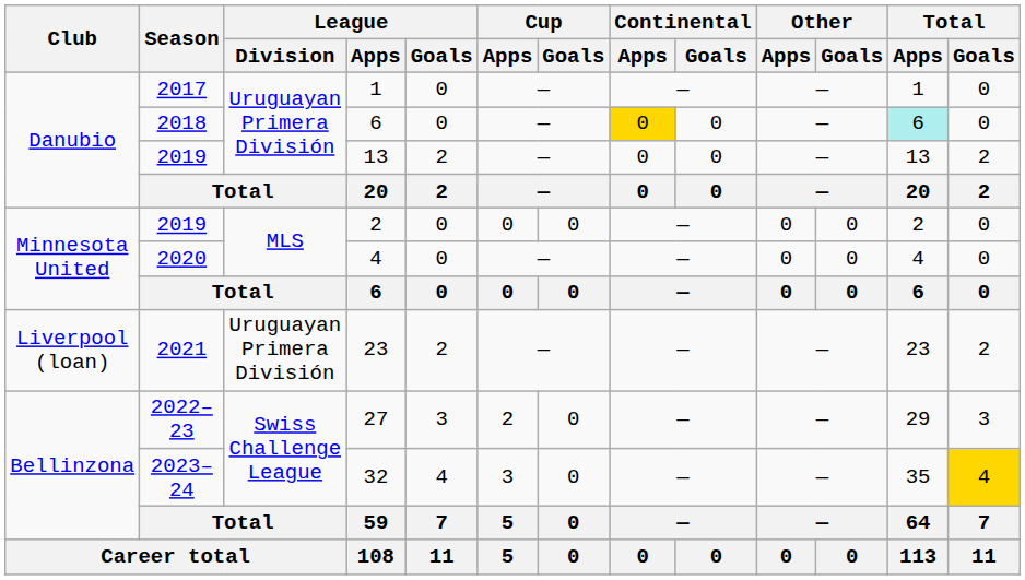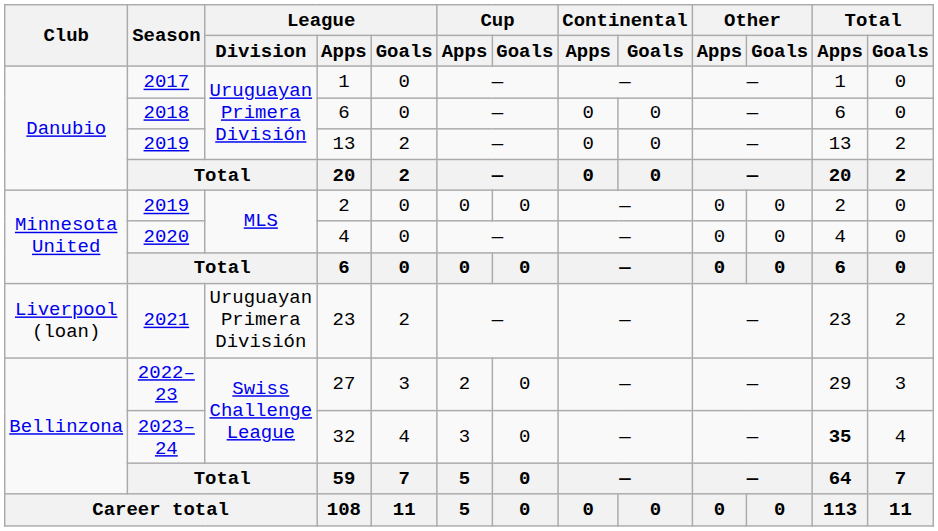 <table class="wikitable" Style="text-align: center">
 <tr>
 <th rowspan="2">Club</th>
 <th rowspan="2">Season</th>
 <th colspan="3">League</th>
 <th colspan="2">Cup</th>
 <th colspan="2">Continental</th>
 <th colspan="2">Other</th>
 <th colspan="2">Total</th>
 </tr>
 <tr>
 <th>Division</th>
 <th>Apps</th>
 <th>Goals</th>
 <th>Apps</th>
 <th>Goals</th>
 <th>Apps</th>
 <th>Goals</th>
 <th>Apps</th>
 <th>Goals</th>
 <th>Apps</th>
 <th>Goals</th>
 </tr>
 <tr>
 <td rowspan="4"><a href='#'>Danubio</a></td>
 <td><a href='#'>2017</a></td>
 <td rowspan="3"><a href='#'>Uruguayan Primera División</a></td>
 <td>1</td>
 <td>0</td>
 <td colspan="2">—</td>
 <td colspan="2">—</td>
 <td colspan="2">—</td>
 <td>1</td>
 <td>0</td>
 </tr>
 <tr>
 <td><a href='#'>2018</a></td>
 <td>6</td>
 <td>0</td>
 <td colspan="2">—</td>
-<td style="background: gold;">0</td>
+<td>0</td>
 <td>0</td>
 <td colspan="2">—</td>
-<td style="background: paleturquoise;">6</td>
+<td>6</td>
 <td>0</td>
 </tr>
 <tr>
 <td><a href='#'>2019</a></td>
 <td>13</td>
 <td>2</td>
 <td colspan="2">—</td>
 <td>0</td>
 <td>0</td>
 <td colspan="2">—</td>
 <td>13</td>
 <td>2</td>
 </tr>
 <tr>
 <th colspan="2">Total</th>
 <th>20</th>
 <th>2</th>
 <th colspan="2">—</th>
 <th>0</th>
 <th>0</th>
 <th colspan="2">—</th>
 <th>20</th>
 <th>2</th>
 </tr>
 <tr>
 <td rowspan="3"><a href='#'>Minnesota United</a></td>
 <td><a href='#'>2019</a></td>
 <td rowspan="2"><a href='#'>MLS</a></td>
 <td>2</td>
 <td>0</td>
 <td>0</td>
 <td>0</td>
 <td colspan="2">—</td>
 <td>0</td>
 <td>0</td>
 <td>2</td>
 <td>0</td>
 </tr>
 <tr>
 <td><a href='#'>2020</a></td>
 <td>4</td>
 <td>0</td>
 <td colspan="2">—</td>
 <td colspan="2">—</td>
 <td>0</td>
 <td>0</td>
 <td>4</td>
 <td>0</td>
 </tr>
 <tr>
 <th colspan="2">Total</th>
 <th>6</th>
 <th>0</th>
 <th>0</th>
 <th>0</th>
 <th colspan="2">—</th>
 <th>0</th>
 <th>0</th>
 <th>6</th>
 <th>0</th>
 </tr>
 <tr>
 <td><a href='#'>Liverpool</a> (loan)</td>
 <td><a href='#'>2021</a></td>
 <td>Uruguayan Primera División</td>
 <td>23</td>
 <td>2</td>
 <td colspan="2">—</td>
 <td colspan="2">—</td>
 <td colspan="2">—</td>
 <td>23</td>
 <td>2</td>
 </tr>
 <tr>
 <td rowspan="3"><a href='#'>Bellinzona</a></td>
 <td><a href='#'>2022–23</a></td>
 <td rowspan="2"><a href='#'>Swiss Challenge League</a></td>
 <td>27</td>
 <td>3</td>
 <td>2</td>
 <td>0</td>
 <td colspan="2">—</td>
 <td colspan="2">—</td>
 <td>29</td>
 <td>3</td>
 </tr>
 <tr>
 <td><a href='#'>2023–24</a></td>
 <td>32</td>
 <td>4</td>
 <td>3</td>
 <td>0</td>
 <td colspan="2">—</td>
 <td colspan="2">—</td>
-<td>35</td>
-<td style="background: gold;">4</td>
+<td><strong>35</strong></td>
+<td>4</td>
 </tr>
 <tr>
 <th colspan="2">Total</th>
 <th>59</th>
 <th>7</th>
 <th>5</th>
 <th>0</th>
 <th colspan="2">—</th>
 <th colspan="2">—</th>
 <th>64</th>
 <th>7</th>
 </tr>
 <tr>
 <th colspan="3">Career total</th>
 <th>108</th>
 <th>11</th>
 <th>5</th>
 <th>0</th>
 <th>0</th>
 <th>0</th>
 <th>0</th>
 <th>0</th>
 <th>113</th>
 <th>11</th>
 </tr>
 </table>
